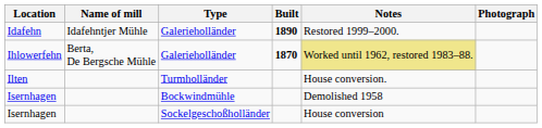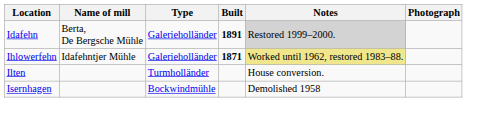 <table class="wikitable sortable">
 <tr>
 <th>Location</th>
 <th>Name of mill</th>
 <th>Type</th>
 <th>Built</th>
 <th class="unsortable">Notes</th>
 <th class="unsortable">Photograph</th>
 </tr>
 <tr>
 <td><a href='#'>Idafehn</a></td>
-<td>Idafehntjer Mühle</td>
+<td>Berta,<br>De Bergsche Mühle</td>
 <td><a href='#'>Galerieholländer</a></td>
-<td><strong>1890</strong></td>
-<td>Restored 1999–2000.</td>
+<td><strong>1891</strong></td>
+<td style="background: lightgrey;">Restored 1999–2000.</td>
 <td></td>
 </tr>
 <tr>
 <td><a href='#'>Ihlowerfehn</a></td>
-<td>Berta,<br>De Bergsche Mühle</td>
+<td>Idafehntjer Mühle</td>
 <td><a href='#'>Galerieholländer</a></td>
-<td><strong>1870</strong></td>
+<td><strong>1871</strong></td>
 <td style="background: khaki;">Worked until 1962, restored 1983–88.</td>
 <td></td>
 </tr>
 <tr>
 <td><a href='#'>Ilten</a></td>
 <td></td>
 <td><a href='#'>Turmholländer</a></td>
 <td></td>
 <td>House conversion.</td>
 <td></td>
 </tr>
 <tr>
 <td><a href='#'>Isernhagen</a></td>
 <td></td>
 <td><a href='#'>Bockwindmühle</a></td>
 <td></td>
 <td>Demolished 1958</td>
 <td></td>
 </tr>
-<tr>
-<td>Isernhagen</td>
-<td></td>
-<td><a href='#'>Sockelgeschoß­holländer</a></td>
-<td></td>
-<td>House conversion</td>
-<td></td>
-</tr>
 </table>
